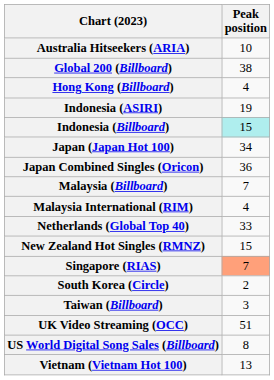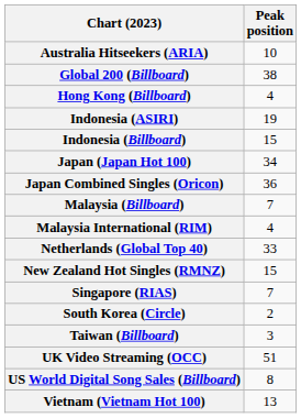 <table class="wikitable sortable plainrowheaders" style="text-align:center">
 <tr>
 <th scope="col">Chart (2023)</th>
 <th scope="col">Peak<br>position</th>
 </tr>
 <tr>
 <th scope="row">Australia Hitseekers (<a href='#'>ARIA</a>)</th>
 <td>10</td>
 </tr>
 <tr>
 <th scope="row"><a href='#'>Global 200</a> (<em><a href='#'>Billboard</a></em>)</th>
 <td>38</td>
 </tr>
 <tr>
 <th scope="row"><a href='#'>Hong Kong</a> (<em><a href='#'>Billboard</a></em>)</th>
 <td>4</td>
 </tr>
 <tr>
 <th scope="row">Indonesia (<a href='#'>ASIRI</a>)</th>
 <td>19</td>
 </tr>
 <tr>
 <th scope="row">Indonesia (<em><a href='#'>Billboard</a></em>)</th>
-<td style="background: paleturquoise;">15</td>
+<td>15</td>
 </tr>
 <tr>
 <th scope="row">Japan (<a href='#'>Japan Hot 100</a>)</th>
 <td>34</td>
 </tr>
 <tr>
 <th scope="row">Japan Combined Singles (<a href='#'>Oricon</a>)</th>
 <td>36</td>
 </tr>
 <tr>
 <th scope="row">Malaysia (<em><a href='#'>Billboard</a></em>)</th>
 <td>7</td>
 </tr>
 <tr>
 <th scope="row">Malaysia International (<a href='#'>RIM</a>)</th>
 <td>4</td>
 </tr>
 <tr>
 <th scope="row">Netherlands (<a href='#'>Global Top 40</a>)</th>
 <td>33</td>
 </tr>
 <tr>
 <th scope="row">New Zealand Hot Singles (<a href='#'>RMNZ</a>)</th>
 <td>15</td>
 </tr>
 <tr>
 <th scope="row">Singapore (<a href='#'>RIAS</a>)</th>
-<td style="background: lightsalmon;">7</td>
+<td>7</td>
 </tr>
 <tr>
 <th scope="row">South Korea (<a href='#'>Circle</a>)</th>
 <td>2</td>
 </tr>
 <tr>
 <th scope="row">Taiwan (<em><a href='#'>Billboard</a></em>)</th>
 <td>3</td>
 </tr>
 <tr>
 <th scope="row">UK Video Streaming (<a href='#'>OCC</a>)</th>
 <td>51</td>
 </tr>
 <tr>
 <th scope="row">US <a href='#'>World Digital Song Sales</a> (<em><a href='#'>Billboard</a></em>)</th>
 <td>8</td>
 </tr>
 <tr>
 <th scope="row">Vietnam (<a href='#'>Vietnam Hot 100</a>)</th>
 <td>13</td>
 </tr>
 </table>
